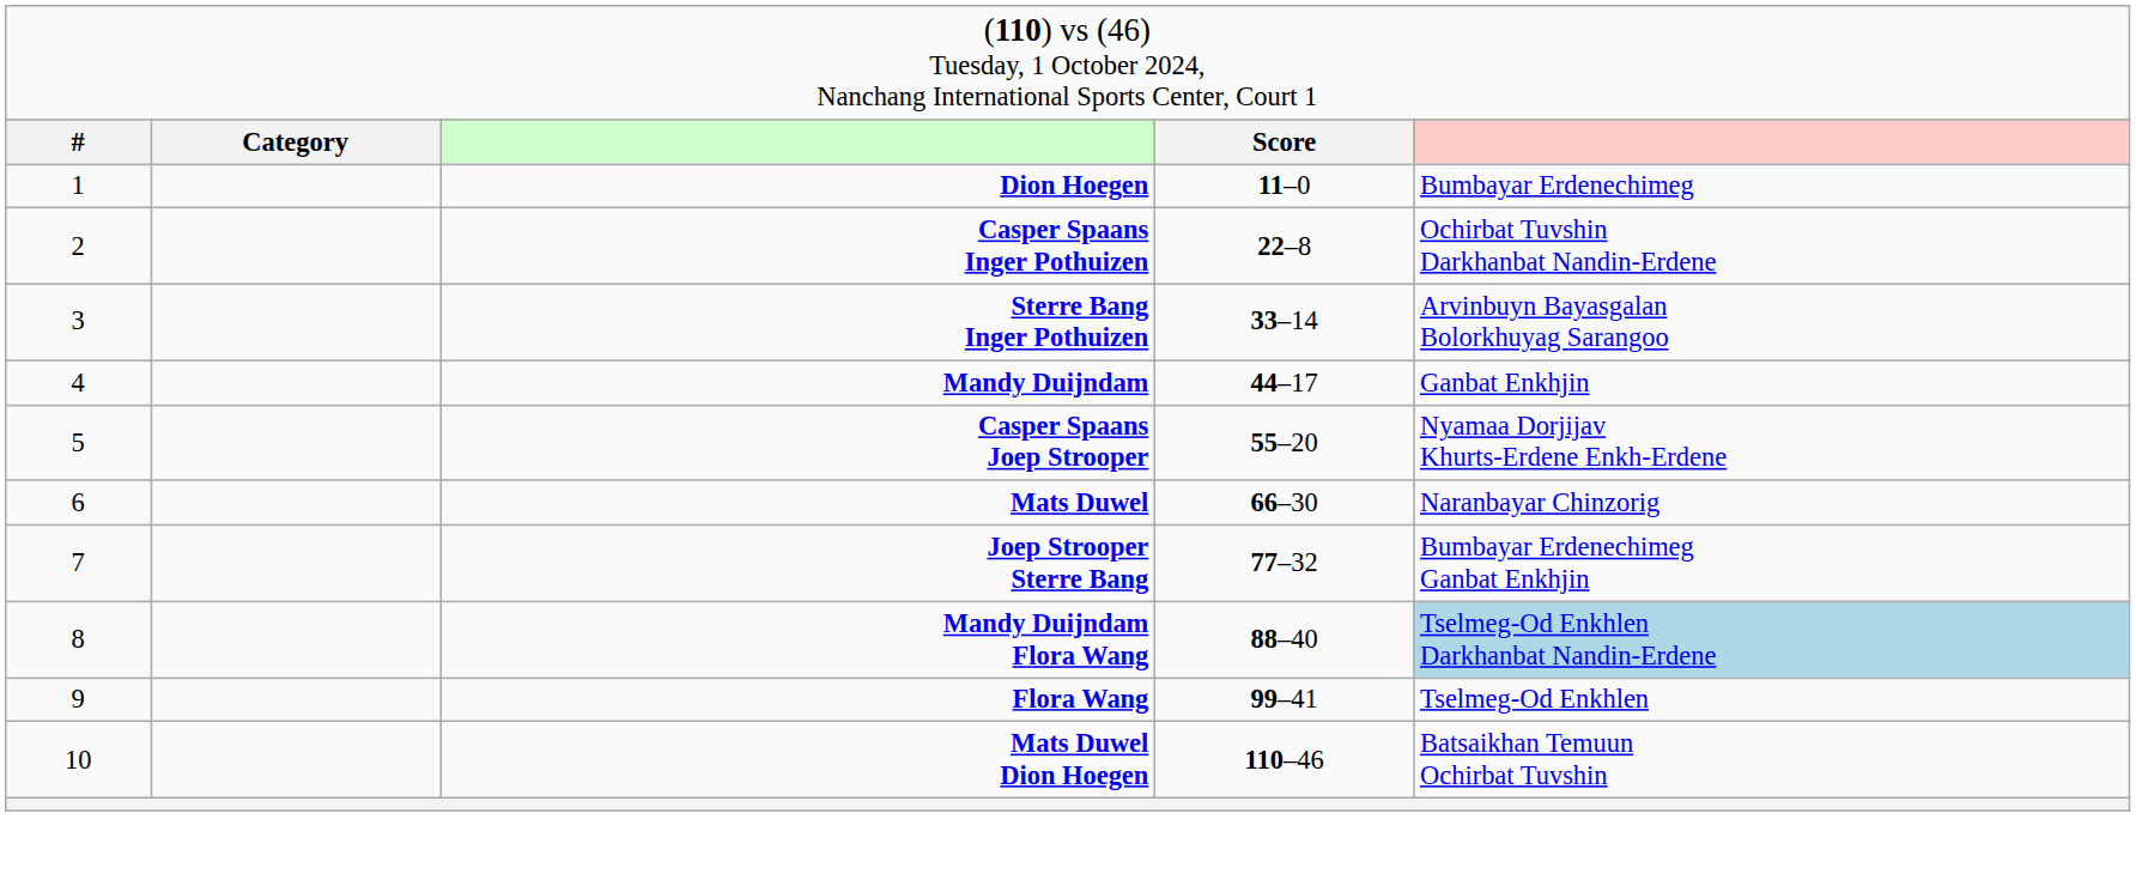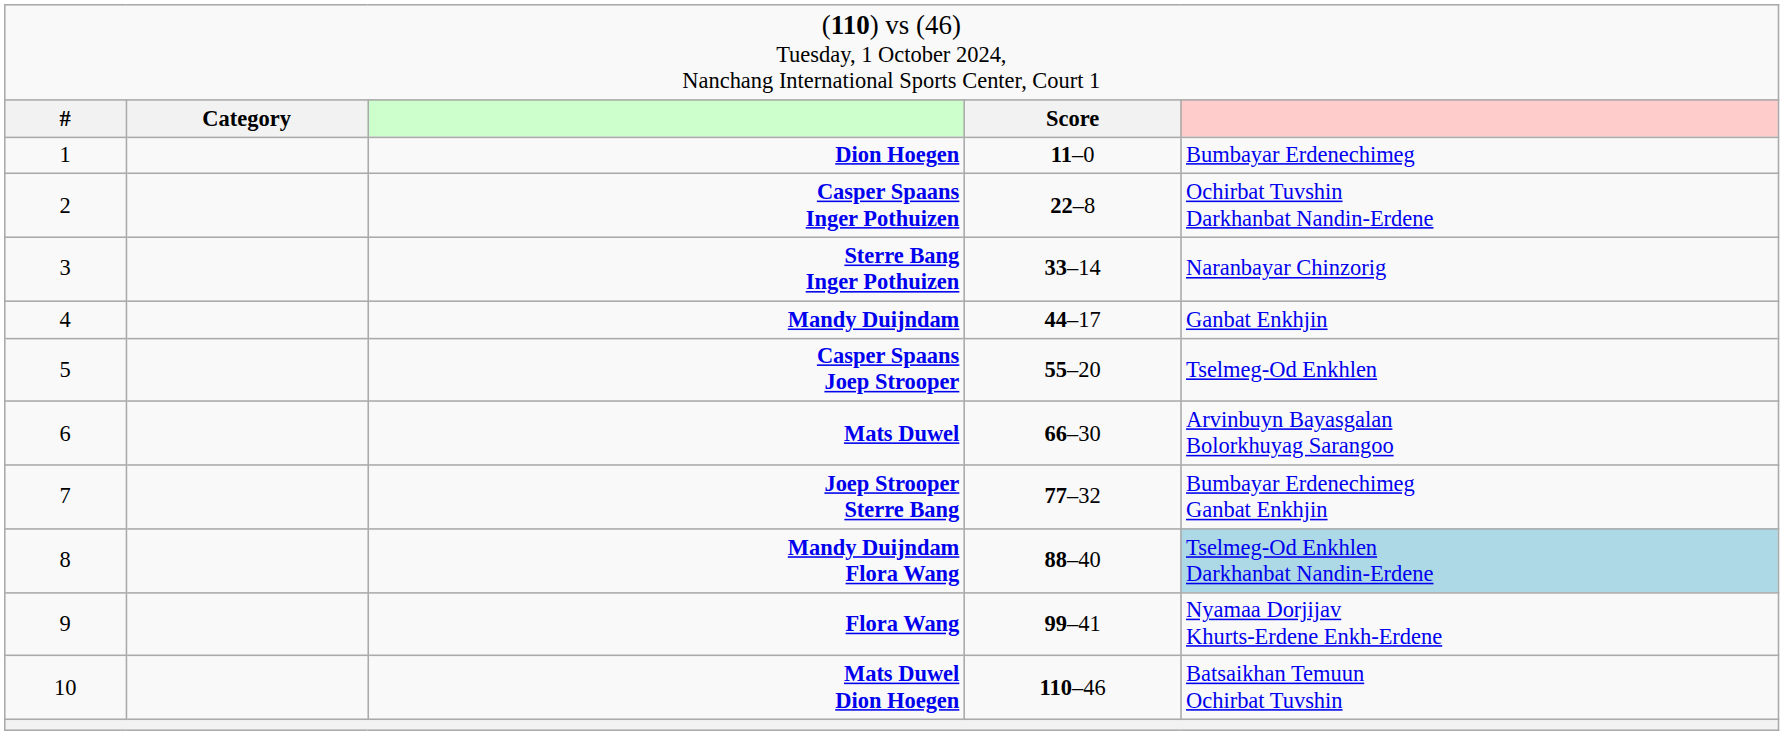 <table class="wikitable mw-collapsible mw-collapsed" style="font-size:90%; text-align:center" width="90%">
 <tr>
 <td colspan="5"><big>(<strong>110</strong>) <strong></strong> vs  (46)</big><br>Tuesday, 1 October 2024, <br>Nanchang International Sports Center, Court 1</td>
 </tr>
 <tr>
 <th width="25">#</th>
 <th width="50">Category</th>
 <th style="background-color:#CCFFCC" width="150"></th>
 <th width="50">Score<br></th>
 <th style="background-color:#FFCCCC" width="150"></th>
 </tr>
 <tr>
 <td>1</td>
 <td></td>
 <td align="right"><strong><a href='#'>Dion Hoegen</a> </strong></td>
 <td><strong>11</strong>–0<br></td>
 <td align="left"> <a href='#'>Bumbayar Erdenechimeg</a></td>
 </tr>
 <tr>
 <td>2</td>
 <td></td>
 <td align="right"><strong><a href='#'>Casper Spaans</a> <br><a href='#'>Inger Pothuizen</a> </strong></td>
 <td><strong>22</strong>–8<br></td>
 <td align="left"> <a href='#'>Ochirbat Tuvshin</a><br> <a href='#'>Darkhanbat Nandin-Erdene</a></td>
 </tr>
 <tr>
 <td>3</td>
 <td></td>
 <td align="right"><strong><a href='#'>Sterre Bang</a> <br><a href='#'>Inger Pothuizen</a> </strong></td>
 <td><strong>33</strong>–14<br></td>
-<td align="left"> <a href='#'>Arvinbuyn Bayasgalan</a><br> <a href='#'>Bolorkhuyag Sarangoo</a></td>
+<td align="left"> <a href='#'>Naranbayar Chinzorig</a></td>
 </tr>
 <tr>
 <td>4</td>
 <td></td>
 <td align="right"><strong><a href='#'>Mandy Duijndam</a> </strong></td>
 <td><strong>44</strong>–17<br></td>
 <td align="left"> <a href='#'>Ganbat Enkhjin</a></td>
 </tr>
 <tr>
 <td>5</td>
 <td></td>
 <td align="right"><strong><a href='#'>Casper Spaans</a> <br><a href='#'>Joep Strooper</a> </strong></td>
 <td><strong>55</strong>–20<br></td>
-<td align="left"> <a href='#'>Nyamaa Dorjijav</a><br> <a href='#'>Khurts-Erdene Enkh-Erdene</a></td>
+<td align="left"> <a href='#'>Tselmeg-Od Enkhlen</a></td>
 </tr>
 <tr>
 <td>6</td>
 <td></td>
 <td align="right"><strong><a href='#'>Mats Duwel</a> </strong></td>
 <td><strong>66</strong>–30<br></td>
-<td align="left"> <a href='#'>Naranbayar Chinzorig</a></td>
+<td align="left"> <a href='#'>Arvinbuyn Bayasgalan</a><br> <a href='#'>Bolorkhuyag Sarangoo</a></td>
 </tr>
 <tr>
 <td>7</td>
 <td></td>
 <td align="right"><strong><a href='#'>Joep Strooper</a> <br><a href='#'>Sterre Bang</a> </strong></td>
 <td><strong>77</strong>–32<br></td>
 <td align="left"> <a href='#'>Bumbayar Erdenechimeg</a><br> <a href='#'>Ganbat Enkhjin</a></td>
 </tr>
 <tr>
 <td>8</td>
 <td></td>
 <td align="right"><strong><a href='#'>Mandy Duijndam</a> <br><a href='#'>Flora Wang</a> </strong></td>
 <td><strong>88</strong>–40<br></td>
 <td align="left" style="background: lightblue;"> <a href='#'>Tselmeg-Od Enkhlen</a><br> <a href='#'>Darkhanbat Nandin-Erdene</a></td>
 </tr>
 <tr>
 <td>9</td>
 <td></td>
 <td align="right"><strong><a href='#'>Flora Wang</a> </strong></td>
 <td><strong>99</strong>–41<br></td>
-<td align="left"> <a href='#'>Tselmeg-Od Enkhlen</a></td>
+<td align="left"> <a href='#'>Nyamaa Dorjijav</a><br> <a href='#'>Khurts-Erdene Enkh-Erdene</a></td>
 </tr>
 <tr>
 <td>10</td>
 <td></td>
 <td align="right"><strong><a href='#'>Mats Duwel</a> <br><a href='#'>Dion Hoegen</a> </strong></td>
 <td><strong>110</strong>–46<br></td>
 <td align="left"> <a href='#'>Batsaikhan Temuun</a><br> <a href='#'>Ochirbat Tuvshin</a></td>
 </tr>
 <tr>
 <th colspan="5"></th>
 </tr>
 </table>
